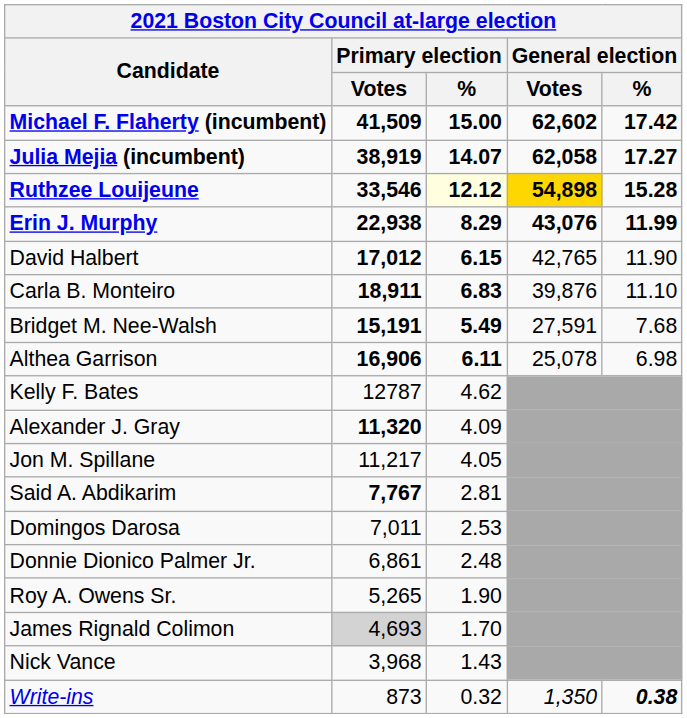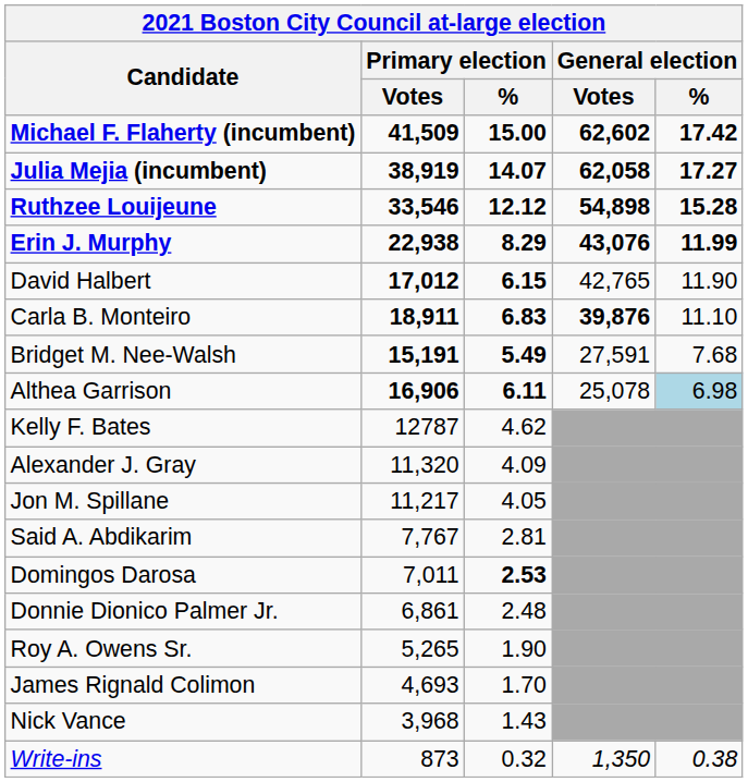 <table class=wikitable>
 <tr>
 <th colspan=5><a href='#'>2021 Boston City Council at-large election</a></th>
 </tr>
 <tr>
 <th rowspan="2">Candidate</th>
 <th colspan=2><strong>Primary election</strong></th>
 <th colspan=2><strong>General election</strong></th>
 </tr>
 <tr>
 <th>Votes</th>
 <th>%</th>
 <th>Votes</th>
 <th>%</th>
 </tr>
 <tr>
 <td><strong><a href='#'>Michael F. Flaherty</a> (incumbent)</strong></td>
 <td style="text-align:right;"><strong>41,509</strong></td>
 <td style="text-align:right;"><strong>15.00</strong></td>
 <td style="text-align:right;"><strong>62,602</strong></td>
 <td style="text-align:right;"><strong>17.42</strong></td>
 </tr>
 <tr>
 <td><strong><a href='#'>Julia Mejia</a> (incumbent)</strong></td>
 <td style="text-align:right;"><strong>38,919</strong></td>
 <td style="text-align:right;"><strong>14.07</strong></td>
 <td style="text-align:right;"><strong>62,058</strong></td>
 <td style="text-align:right;"><strong>17.27</strong></td>
 </tr>
 <tr>
 <td><strong><a href='#'>Ruthzee Louijeune</a></strong></td>
 <td style="text-align:right;"><strong>33,546</strong></td>
-<td style="background: lightyellow; text-align:right;"><strong>12.12</strong></td>
-<td style="background: gold; text-align:right;"><strong>54,898</strong></td>
+<td style="text-align:right;"><strong>12.12</strong></td>
+<td style="text-align:right;"><strong>54,898</strong></td>
 <td style="text-align:right;"><strong>15.28</strong></td>
 </tr>
 <tr>
 <td><strong><a href='#'>Erin J. Murphy</a></strong></td>
 <td style="text-align:right;"><strong>22,938</strong></td>
 <td style="text-align:right;"><strong>8.29</strong></td>
 <td style="text-align:right;"><strong>43,076</strong></td>
 <td style="text-align:right;"><strong>11.99</strong></td>
 </tr>
 <tr>
 <td>David Halbert</td>
 <td style="text-align:right;"><strong>17,012</strong></td>
 <td style="text-align:right;"><strong>6.15</strong></td>
 <td style="text-align:right;">42,765</td>
 <td style="text-align:right;">11.90</td>
 </tr>
 <tr>
 <td>Carla B. Monteiro</td>
 <td style="text-align:right;"><strong>18,911</strong></td>
 <td style="text-align:right;"><strong>6.83</strong></td>
-<td style="text-align:right;">39,876</td>
+<td style="text-align:right;"><strong>39,876</strong></td>
 <td style="text-align:right;">11.10</td>
 </tr>
 <tr>
 <td>Bridget M. Nee-Walsh</td>
 <td style="text-align:right;"><strong>15,191</strong></td>
 <td style="text-align:right;"><strong>5.49</strong></td>
 <td style="text-align:right;">27,591</td>
 <td style="text-align:right;">7.68</td>
 </tr>
 <tr>
 <td>Althea Garrison</td>
 <td style="text-align:right;"><strong>16,906</strong></td>
 <td style="text-align:right;"><strong>6.11</strong></td>
 <td style="text-align:right;">25,078</td>
-<td style="text-align:right;">6.98</td>
+<td style="background: lightblue; text-align:right;">6.98</td>
 </tr>
 <tr>
 <td>Kelly F. Bates</td>
 <td style="text-align:right;">12787</td>
 <td style="text-align:right;">4.62</td>
 <td colspan="2" style="background:darkgrey;"> </td>
 </tr>
 <tr>
 <td>Alexander J. Gray</td>
-<td style="text-align:right;"><strong>11,320</strong></td>
+<td style="text-align:right;">11,320</td>
 <td style="text-align:right;">4.09</td>
 <td colspan="2" style="background:darkgrey;"> </td>
 </tr>
 <tr>
 <td>Jon M. Spillane</td>
 <td style="text-align:right;">11,217</td>
 <td style="text-align:right;">4.05</td>
 <td colspan="2" style="background:darkgrey;"> </td>
 </tr>
 <tr>
 <td>Said A. Abdikarim</td>
-<td style="text-align:right;"><strong>7,767</strong></td>
+<td style="text-align:right;">7,767</td>
 <td style="text-align:right;">2.81</td>
 <td colspan="2" style="background:darkgrey;"> </td>
 </tr>
 <tr>
 <td>Domingos Darosa</td>
 <td style="text-align:right;">7,011</td>
-<td style="text-align:right;">2.53</td>
+<td style="text-align:right;"><strong>2.53</strong></td>
 <td colspan="2" style="background:darkgrey;"> </td>
 </tr>
 <tr>
 <td>Donnie Dionico Palmer Jr.</td>
 <td style="text-align:right;">6,861</td>
 <td style="text-align:right;">2.48</td>
 <td colspan="2" style="background:darkgrey;"> </td>
 </tr>
 <tr>
 <td>Roy A. Owens Sr.</td>
 <td style="text-align:right;">5,265</td>
 <td style="text-align:right;">1.90</td>
 <td colspan="2" style="background:darkgrey;"> </td>
 </tr>
 <tr>
 <td>James Rignald Colimon</td>
-<td style="background: lightgrey; text-align:right;">4,693</td>
+<td style="text-align:right;">4,693</td>
 <td style="text-align:right;">1.70</td>
 <td colspan="2" style="background:darkgrey;"> </td>
 </tr>
 <tr>
 <td>Nick Vance</td>
 <td style="text-align:right;">3,968</td>
 <td style="text-align:right;">1.43</td>
 <td colspan="2" style="background:darkgrey;"> </td>
 </tr>
 <tr>
 <td><em><a href='#'>Write-ins</a></em></td>
 <td style="text-align:right;">873</td>
 <td style="text-align:right;">0.32</td>
 <td style="text-align:right;"><em>1,350</em></td>
-<td style="text-align:right;"><strong><em>0.38</em></strong></td>
+<td style="text-align:right;"><em>0.38</em></td>
 </tr>
 </table>
